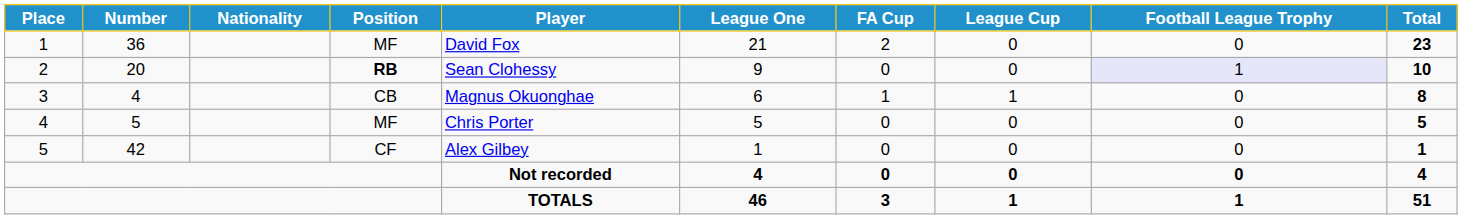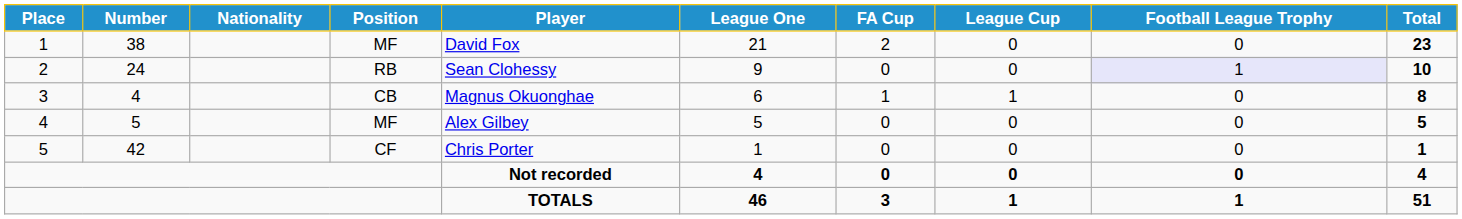 <table class="wikitable" style="text-align:center; font-size:90%; width:100%;">
 <tr>
 <th style="background:#2191CC; color:white; border:1px solid #F7C408; text-align:center;">Place</th>
 <th style="background:#2191CC; color:white; border:1px solid #F7C408; text-align:center;">Number</th>
 <th style="background:#2191CC; color:white; border:1px solid #F7C408; text-align:center;">Nationality</th>
 <th style="background:#2191CC; color:white; border:1px solid #F7C408; text-align:center;">Position</th>
 <th style="background:#2191CC; color:white; border:1px solid #F7C408; text-align:center;">Player</th>
 <th style="background:#2191CC; color:white; border:1px solid #F7C408; text-align:center;">League One</th>
 <th style="background:#2191CC; color:white; border:1px solid #F7C408; text-align:center;">FA Cup</th>
 <th style="background:#2191CC; color:white; border:1px solid #F7C408; text-align:center;">League Cup</th>
 <th style="background:#2191CC; color:white; border:1px solid #F7C408; text-align:center;">Football League Trophy</th>
 <th style="background:#2191CC; color:white; border:1px solid #F7C408; text-align:center;">Total</th>
 </tr>
 <tr>
 <td>1</td>
-<td>36</td>
+<td>38</td>
 <td></td>
 <td>MF</td>
 <td align="left"><a href='#'>David Fox</a></td>
 <td>21</td>
 <td>2</td>
 <td>0</td>
 <td>0</td>
 <td><strong>23</strong></td>
 </tr>
 <tr>
 <td>2</td>
-<td>20</td>
+<td>24</td>
 <td></td>
-<td><strong>RB</strong></td>
+<td>RB</td>
 <td align="left"><a href='#'>Sean Clohessy</a></td>
 <td>9</td>
 <td>0</td>
 <td>0</td>
 <td style="background: lavender;">1</td>
 <td><strong>10</strong></td>
 </tr>
 <tr>
 <td>3</td>
 <td>4</td>
 <td></td>
 <td>CB</td>
 <td align="left"><a href='#'>Magnus Okuonghae</a></td>
 <td>6</td>
 <td>1</td>
 <td>1</td>
 <td>0</td>
 <td><strong>8</strong></td>
 </tr>
 <tr>
 <td>4</td>
 <td>5</td>
 <td></td>
 <td>MF</td>
-<td align="left"><a href='#'>Chris Porter</a></td>
+<td align="left"><a href='#'>Alex Gilbey</a></td>
 <td>5</td>
 <td>0</td>
 <td>0</td>
 <td>0</td>
 <td><strong>5</strong></td>
 </tr>
 <tr>
 <td>5</td>
 <td>42</td>
 <td></td>
 <td>CF</td>
-<td align="left"><a href='#'>Alex Gilbey</a></td>
+<td align="left"><a href='#'>Chris Porter</a></td>
 <td>1</td>
 <td>0</td>
 <td>0</td>
 <td>0</td>
 <td><strong>1</strong></td>
 </tr>
 <tr>
 <td colspan="4"></td>
 <td><strong>Not recorded</strong></td>
 <td><strong>4</strong></td>
 <td><strong>0</strong></td>
 <td><strong>0</strong></td>
 <td><strong>0</strong></td>
 <td><strong>4</strong></td>
 </tr>
 <tr>
 <td colspan="4"></td>
 <td><strong>TOTALS</strong></td>
 <td><strong>46</strong></td>
 <td><strong>3</strong></td>
 <td><strong>1</strong></td>
 <td><strong>1</strong></td>
 <td><strong>51</strong></td>
 </tr>
 </table>
